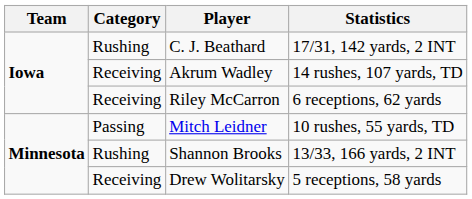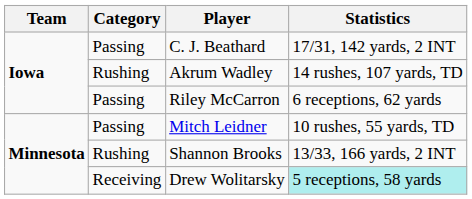 <table class="wikitable" style="float: left;">
 <tr>
 <th>Team</th>
 <th>Category</th>
 <th>Player</th>
 <th>Statistics</th>
 </tr>
 <tr>
 <td rowspan=3><strong>Iowa</strong></td>
-<td>Rushing</td>
+<td>Passing</td>
 <td>C. J. Beathard</td>
 <td>17/31, 142 yards, 2 INT</td>
 </tr>
 <tr>
-<td>Receiving</td>
+<td>Rushing</td>
 <td>Akrum Wadley</td>
 <td>14 rushes, 107 yards, TD</td>
 </tr>
 <tr>
-<td>Receiving</td>
+<td>Passing</td>
 <td>Riley McCarron</td>
 <td>6 receptions, 62 yards</td>
 </tr>
 <tr>
 <td rowspan=3><strong>Minnesota</strong></td>
 <td>Passing</td>
 <td><a href='#'>Mitch Leidner</a></td>
 <td>10 rushes, 55 yards, TD</td>
 </tr>
 <tr>
 <td>Rushing</td>
 <td>Shannon Brooks</td>
 <td>13/33, 166 yards, 2 INT</td>
 </tr>
 <tr>
 <td>Receiving</td>
 <td>Drew Wolitarsky</td>
-<td>5 receptions, 58 yards</td>
+<td style="background: paleturquoise;">5 receptions, 58 yards</td>
 </tr>
 </table>
